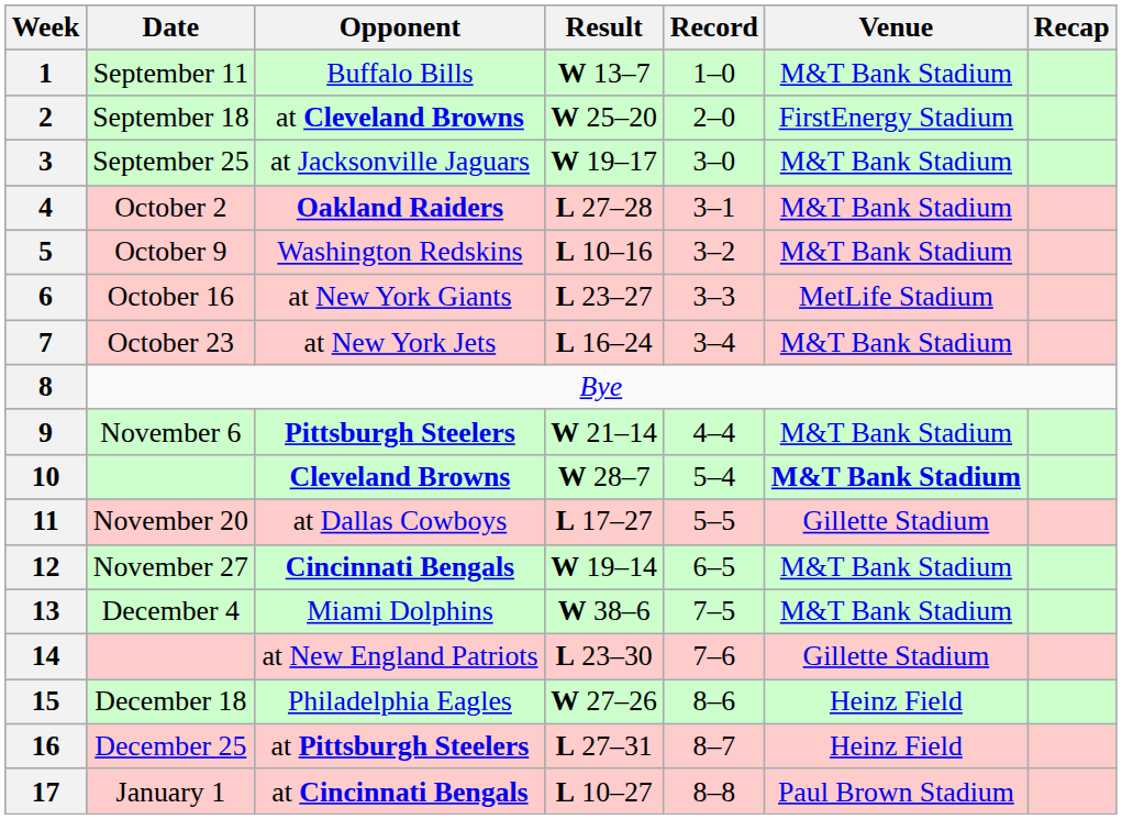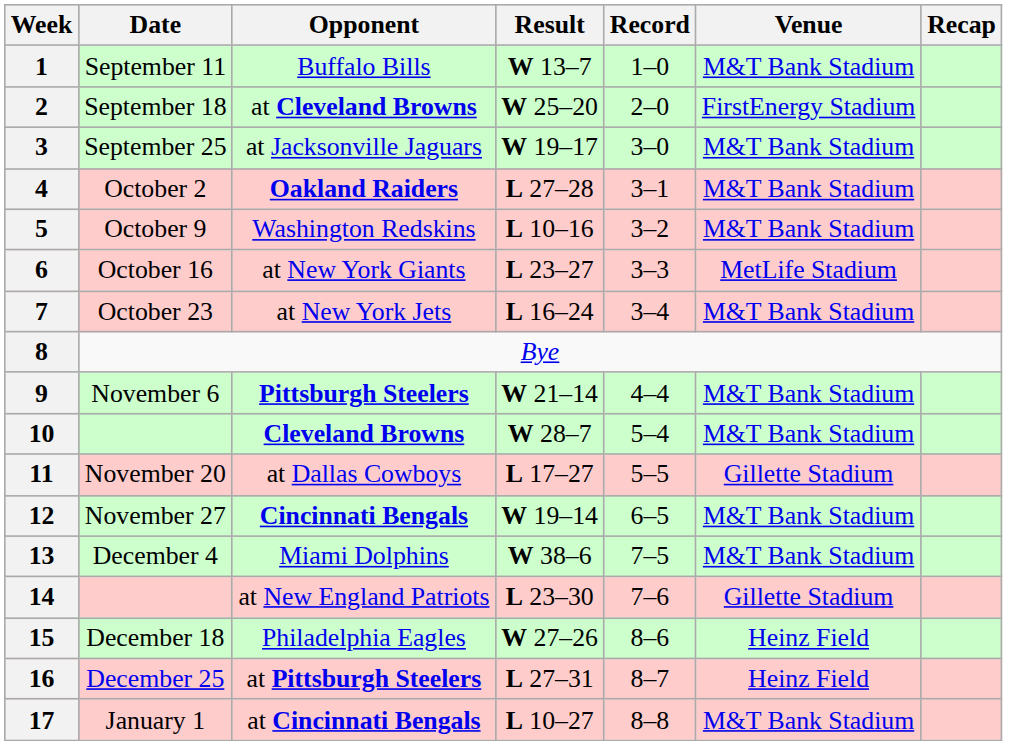 <table class="wikitable" style="text-align:center">
 <tr>
 <th>Week</th>
 <th>Date</th>
 <th>Opponent</th>
 <th>Result</th>
 <th>Record</th>
 <th>Venue</th>
 <th>Recap</th>
 </tr>
 <tr style="background:#cfc">
 <th>1</th>
 <td>September 11</td>
 <td><a href='#'>Buffalo Bills</a></td>
 <td><strong>W</strong> 13–7</td>
 <td>1–0</td>
 <td><a href='#'>M&T Bank Stadium</a></td>
 <td></td>
 </tr>
 <tr style="background:#cfc">
 <th>2</th>
 <td>September 18</td>
 <td>at <strong><a href='#'>Cleveland Browns</a></strong></td>
 <td><strong>W</strong> 25–20</td>
 <td>2–0</td>
 <td><a href='#'>FirstEnergy Stadium</a></td>
 <td></td>
 </tr>
 <tr style="background:#cfc">
 <th>3</th>
 <td>September 25</td>
 <td>at <a href='#'>Jacksonville Jaguars</a></td>
 <td><strong>W</strong> 19–17</td>
 <td>3–0</td>
 <td><a href='#'>M&T Bank Stadium</a></td>
 <td></td>
 </tr>
 <tr style="background:#fcc">
 <th>4</th>
 <td>October 2</td>
 <td><strong><a href='#'>Oakland Raiders</a></strong></td>
 <td><strong>L</strong> 27–28</td>
 <td>3–1</td>
 <td><a href='#'>M&T Bank Stadium</a></td>
 <td></td>
 </tr>
 <tr style="background:#fcc">
 <th>5</th>
 <td>October 9</td>
 <td><a href='#'>Washington Redskins</a></td>
 <td><strong>L</strong> 10–16</td>
 <td>3–2</td>
 <td><a href='#'>M&T Bank Stadium</a></td>
 <td></td>
 </tr>
 <tr style="background:#fcc">
 <th>6</th>
 <td>October 16</td>
 <td>at <a href='#'>New York Giants</a></td>
 <td><strong>L</strong> 23–27</td>
 <td>3–3</td>
 <td><a href='#'>MetLife Stadium</a></td>
 <td></td>
 </tr>
 <tr style="background:#fcc">
 <th>7</th>
 <td>October 23</td>
 <td>at <a href='#'>New York Jets</a></td>
 <td><strong>L</strong> 16–24</td>
 <td>3–4</td>
 <td><a href='#'>M&T Bank Stadium</a></td>
 <td></td>
 </tr>
 <tr>
 <th>8</th>
 <td colspan="6"><em><a href='#'>Bye</a></em></td>
 </tr>
 <tr style="background:#cfc">
 <th>9</th>
 <td>November 6</td>
 <td><strong><a href='#'>Pittsburgh Steelers</a></strong></td>
 <td><strong>W</strong> 21–14</td>
 <td>4–4</td>
 <td><a href='#'>M&T Bank Stadium</a></td>
 <td></td>
 </tr>
 <tr style="background:#cfc">
 <th>10</th>
 <td></td>
 <td><strong><a href='#'>Cleveland Browns</a></strong></td>
 <td><strong>W</strong> 28–7</td>
 <td>5–4</td>
-<td><strong><a href='#'>M&T Bank Stadium</a></strong></td>
+<td><a href='#'>M&T Bank Stadium</a></td>
 <td></td>
 </tr>
 <tr style="background:#fcc">
 <th>11</th>
 <td>November 20</td>
 <td>at <a href='#'>Dallas Cowboys</a></td>
 <td><strong>L</strong> 17–27</td>
 <td>5–5</td>
 <td><a href='#'>Gillette Stadium</a></td>
 <td></td>
 </tr>
 <tr style="background:#cfc">
 <th>12</th>
 <td>November 27</td>
 <td><strong><a href='#'>Cincinnati Bengals</a></strong></td>
 <td><strong>W</strong> 19–14</td>
 <td>6–5</td>
 <td><a href='#'>M&T Bank Stadium</a></td>
 <td></td>
 </tr>
 <tr style="background:#cfc">
 <th>13</th>
 <td>December 4</td>
 <td><a href='#'>Miami Dolphins</a></td>
 <td><strong>W</strong> 38–6</td>
 <td>7–5</td>
 <td><a href='#'>M&T Bank Stadium</a></td>
 <td></td>
 </tr>
 <tr style="background:#fcc">
 <th>14</th>
 <td></td>
 <td>at <a href='#'>New England Patriots</a></td>
 <td><strong>L</strong> 23–30</td>
 <td>7–6</td>
 <td><a href='#'>Gillette Stadium</a></td>
 <td></td>
 </tr>
 <tr style="background:#cfc">
 <th>15</th>
 <td>December 18</td>
 <td><a href='#'>Philadelphia Eagles</a></td>
 <td><strong>W</strong> 27–26</td>
 <td>8–6</td>
 <td><a href='#'>Heinz Field</a></td>
 <td></td>
 </tr>
 <tr style="background:#fcc">
 <th>16</th>
 <td><a href='#'>December 25</a></td>
 <td>at <strong><a href='#'>Pittsburgh Steelers</a></strong></td>
 <td><strong>L</strong> 27–31</td>
 <td>8–7</td>
 <td><a href='#'>Heinz Field</a></td>
 <td></td>
 </tr>
 <tr style="background:#fcc">
 <th>17</th>
 <td>January 1</td>
 <td>at <strong><a href='#'>Cincinnati Bengals</a></strong></td>
 <td><strong>L</strong> 10–27</td>
 <td>8–8</td>
-<td><a href='#'>Paul Brown Stadium</a></td>
+<td><a href='#'>M&T Bank Stadium</a></td>
 <td></td>
 </tr>
 </table>
